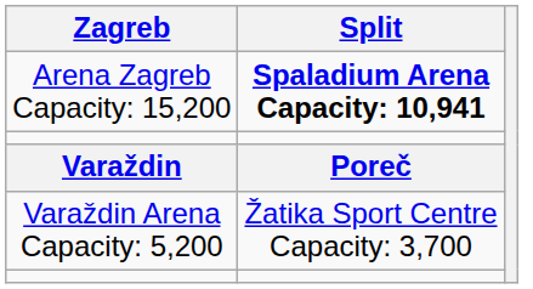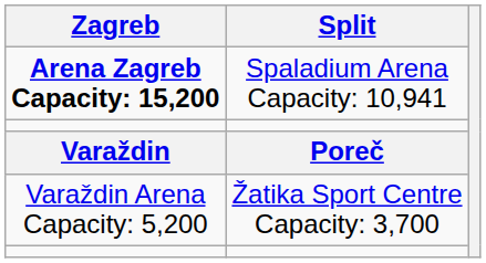 <table class="wikitable" style="text-align:center;">
 <tr>
 <th><a href='#'>Zagreb</a></th>
 <th><a href='#'>Split</a></th>
 <th rowspan=6></th>
 </tr>
 <tr>
-<td><a href='#'>Arena Zagreb</a><br>Capacity: 15,200</td>
-<td><strong><a href='#'>Spaladium Arena</a><br>Capacity: 10,941</strong></td>
+<td><strong><a href='#'>Arena Zagreb</a><br>Capacity: 15,200</strong></td>
+<td><a href='#'>Spaladium Arena</a><br>Capacity: 10,941</td>
 </tr>
 <tr>
 <td></td>
 <td></td>
 </tr>
 <tr>
 <th><a href='#'>Varaždin</a></th>
 <th><a href='#'>Poreč</a></th>
 </tr>
 <tr>
 <td><a href='#'>Varaždin Arena</a><br>Capacity: 5,200</td>
 <td><a href='#'>Žatika Sport Centre</a><br>Capacity: 3,700</td>
 </tr>
 <tr>
 <td></td>
 <td></td>
 </tr>
 </table>
